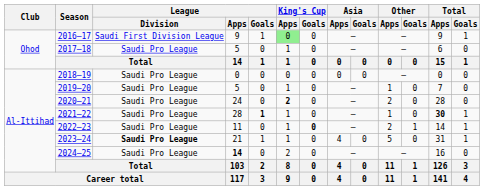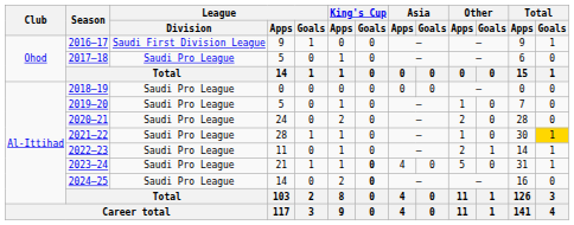 <table class="wikitable" style="text-align: center">
 <tr>
 <th rowspan=2>Club</th>
 <th rowspan=2>Season</th>
 <th colspan=3>League</th>
 <th colspan=2><a href='#'>King's Cup</a></th>
 <th colspan=2>Asia</th>
 <th colspan=2>Other</th>
 <th colspan=2>Total</th>
 </tr>
 <tr>
 <th>Division</th>
 <th>Apps</th>
 <th>Goals</th>
 <th>Apps</th>
 <th>Goals</th>
 <th>Apps</th>
 <th>Goals</th>
 <th>Apps</th>
 <th>Goals</th>
 <th>Apps</th>
 <th>Goals</th>
 </tr>
 <tr>
 <td rowspan="3"><a href='#'>Ohod</a></td>
 <td><a href='#'>2016–17</a></td>
 <td><a href='#'>Saudi First Division League</a></td>
 <td>9</td>
 <td>1</td>
-<td style="background: lightgreen;">0</td>
+<td>0</td>
 <td>0</td>
 <td colspan=2>—</td>
 <td colspan=2>—</td>
 <td>9</td>
 <td>1</td>
 </tr>
 <tr>
 <td><a href='#'>2017–18</a></td>
 <td><a href='#'>Saudi Pro League</a></td>
 <td>5</td>
 <td>0</td>
 <td>1</td>
 <td>0</td>
 <td colspan=2>—</td>
 <td colspan=2>—</td>
 <td>6</td>
 <td>0</td>
 </tr>
 <tr>
 <th colspan="2">Total</th>
 <th>14</th>
 <th>1</th>
 <th>1</th>
 <th>0</th>
 <th>0</th>
 <th>0</th>
 <th>0</th>
 <th>0</th>
 <th>15</th>
 <th>1</th>
 </tr>
 <tr>
 <td rowspan="8"><a href='#'>Al-Ittihad</a></td>
 <td><a href='#'>2018–19</a></td>
 <td>Saudi Pro League</td>
 <td>0</td>
 <td>0</td>
 <td>0</td>
 <td>0</td>
 <td>0</td>
 <td>0</td>
 <td colspan=2>—</td>
 <td>0</td>
 <td>0</td>
 </tr>
 <tr>
 <td><a href='#'>2019–20</a></td>
 <td>Saudi Pro League</td>
 <td>5</td>
 <td>0</td>
 <td>1</td>
 <td>0</td>
 <td colspan=2>—</td>
 <td>1</td>
 <td>0</td>
 <td>7</td>
 <td>0</td>
 </tr>
 <tr>
 <td><a href='#'>2020–21</a></td>
 <td>Saudi Pro League</td>
 <td>24</td>
 <td>0</td>
-<td><strong>2</strong></td>
+<td>2</td>
 <td>0</td>
 <td colspan=2>—</td>
 <td>2</td>
 <td>0</td>
 <td>28</td>
 <td>0</td>
 </tr>
 <tr>
 <td><a href='#'>2021–22</a></td>
 <td>Saudi Pro League</td>
 <td>28</td>
-<td><strong>1</strong></td>
+<td>1</td>
 <td>1</td>
 <td>0</td>
 <td colspan=2>—</td>
 <td>1</td>
 <td>0</td>
-<td><strong>30</strong></td>
-<td>1</td>
+<td>30</td>
+<td style="background: gold;">1</td>
 </tr>
 <tr>
 <td><a href='#'>2022–23</a></td>
 <td>Saudi Pro League</td>
 <td>11</td>
 <td>0</td>
 <td>1</td>
-<td><strong>0</strong></td>
+<td>0</td>
 <td colspan=2>—</td>
 <td>2</td>
 <td>1</td>
 <td>14</td>
 <td>1</td>
 </tr>
 <tr>
 <td><a href='#'>2023–24</a></td>
-<td><strong>Saudi Pro League</strong></td>
+<td>Saudi Pro League</td>
 <td>21</td>
 <td>1</td>
 <td>1</td>
-<td>0</td>
+<td><strong>0</strong></td>
 <td>4</td>
 <td>0</td>
 <td>5</td>
 <td>0</td>
 <td>31</td>
 <td>1</td>
 </tr>
 <tr>
 <td><a href='#'>2024–25</a></td>
 <td>Saudi Pro League</td>
-<td><strong>14</strong></td>
+<td>14</td>
 <td>0</td>
 <td>2</td>
-<td>0</td>
+<td><strong>0</strong></td>
 <td colspan=2>—</td>
 <td colspan=2>—</td>
 <td>16</td>
 <td>0</td>
 </tr>
 <tr>
 <th colspan="2">Total</th>
 <th>103</th>
 <th>2</th>
 <th>8</th>
 <th>0</th>
 <th>4</th>
 <th>0</th>
 <th>11</th>
 <th>1</th>
 <th>126</th>
 <th>3</th>
 </tr>
 <tr>
 <th colspan="3">Career total</th>
 <th>117</th>
 <th>3</th>
 <th>9</th>
 <th>0</th>
 <th>4</th>
 <th>0</th>
 <th>11</th>
 <th>1</th>
 <th>141</th>
 <th>4</th>
 </tr>
 </table>
